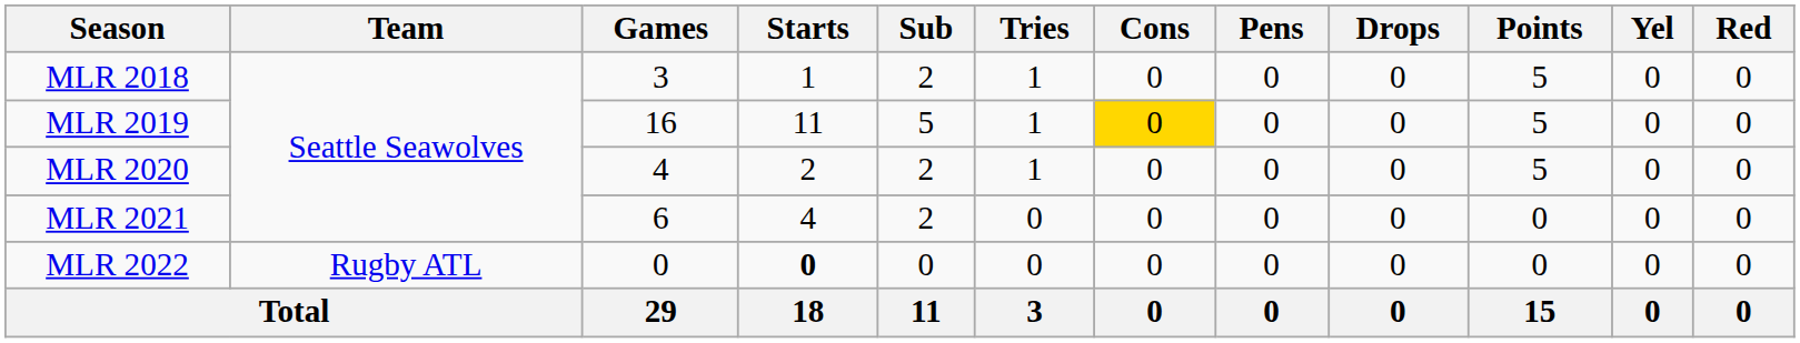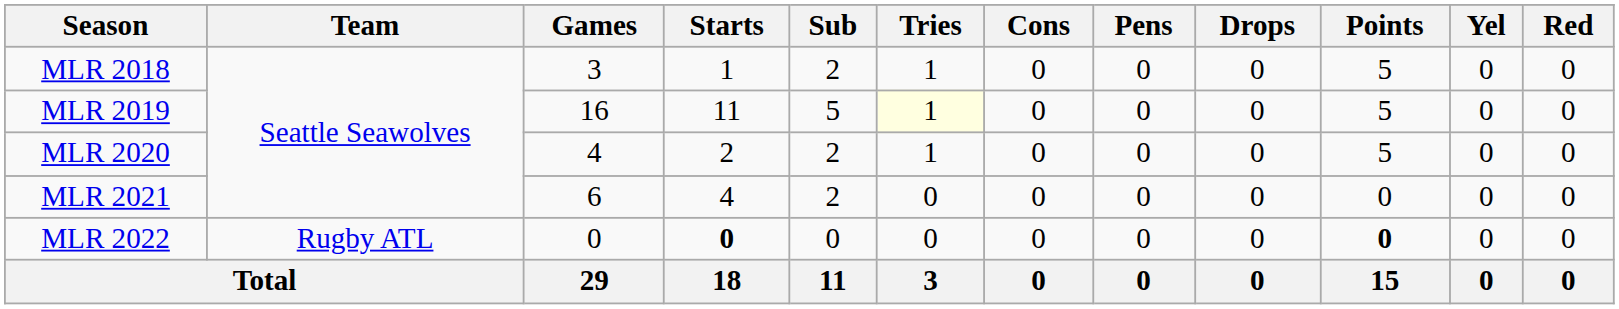 <table class="wikitable" style="text-align:center; line-height:100%; font-size:100%; width:70%;">
 <tr>
 <th>Season</th>
 <th>Team</th>
 <th>Games</th>
 <th>Starts</th>
 <th>Sub</th>
 <th>Tries</th>
 <th>Cons</th>
 <th>Pens</th>
 <th>Drops</th>
 <th>Points</th>
 <th>Yel</th>
 <th>Red</th>
 </tr>
 <tr>
 <td><a href='#'>MLR 2018</a></td>
 <td rowspan="4"><a href='#'>Seattle Seawolves</a></td>
 <td>3</td>
 <td>1</td>
 <td>2</td>
 <td>1</td>
 <td>0</td>
 <td>0</td>
 <td>0</td>
 <td>5</td>
 <td>0</td>
 <td>0</td>
 </tr>
 <tr>
 <td><a href='#'>MLR 2019</a></td>
 <td>16</td>
 <td>11</td>
 <td>5</td>
-<td>1</td>
-<td style="background: gold;">0</td>
+<td style="background: lightyellow;">1</td>
+<td>0</td>
 <td>0</td>
 <td>0</td>
 <td>5</td>
 <td>0</td>
 <td>0</td>
 </tr>
 <tr>
 <td><a href='#'>MLR 2020</a></td>
 <td>4</td>
 <td>2</td>
 <td>2</td>
 <td>1</td>
 <td>0</td>
 <td>0</td>
 <td>0</td>
 <td>5</td>
 <td>0</td>
 <td>0</td>
 </tr>
 <tr>
 <td><a href='#'>MLR 2021</a></td>
 <td>6</td>
 <td>4</td>
 <td>2</td>
 <td>0</td>
 <td>0</td>
 <td>0</td>
 <td>0</td>
 <td>0</td>
 <td>0</td>
 <td>0</td>
 </tr>
 <tr>
 <td><a href='#'>MLR 2022</a></td>
 <td><a href='#'>Rugby ATL</a></td>
 <td>0</td>
 <td><strong>0</strong></td>
 <td>0</td>
 <td>0</td>
 <td>0</td>
 <td>0</td>
 <td>0</td>
-<td>0</td>
+<td><strong>0</strong></td>
 <td>0</td>
 <td>0</td>
 </tr>
 <tr>
 <th colspan="2">Total</th>
 <th>29</th>
 <th>18</th>
 <th>11</th>
 <th>3</th>
 <th>0</th>
 <th>0</th>
 <th>0</th>
 <th>15</th>
 <th>0</th>
 <th>0</th>
 </tr>
 </table>
